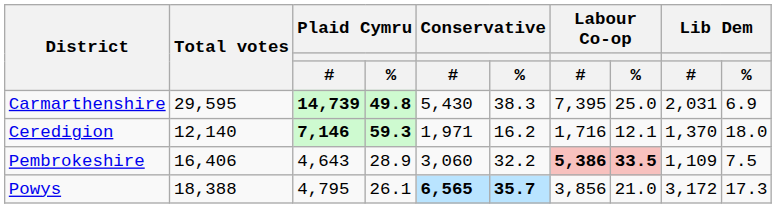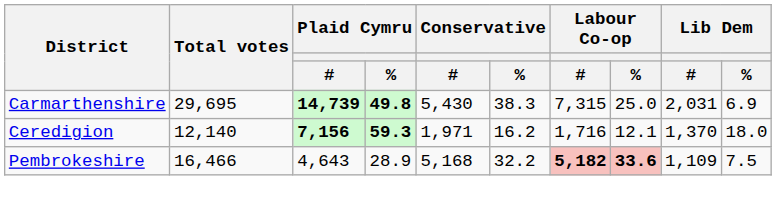 <table class="wikitable sortable">
 <tr>
 <th rowspan=3>District</th>
 <th rowspan=3>Total votes</th>
 <th colspan="2">Plaid Cymru</th>
 <th colspan="2">Conservative</th>
 <th colspan="2">Labour<br>Co-op</th>
 <th colspan="2">Lib Dem</th>
 </tr>
 <tr>
 <th colspan="2" style="background:"></th>
 <th colspan="2" style="background:"></th>
 <th colspan="2" style="background:"></th>
 <th colspan="2" style="background:"></th>
 </tr>
 <tr>
 <th>#</th>
 <th>%</th>
 <th>#</th>
 <th>%</th>
 <th>#</th>
 <th>%</th>
 <th>#</th>
 <th>%</th>
 </tr>
 <tr>
 <td><a href='#'>Carmarthenshire</a></td>
-<td>29,595</td>
+<td>29,695</td>
 <td style="background:#cefad0;"><strong>14,739</strong></td>
 <td style="background:#cefad0;"><strong>49.8</strong></td>
 <td>5,430</td>
 <td>38.3</td>
-<td>7,395</td>
+<td>7,315</td>
 <td>25.0</td>
 <td>2,031</td>
 <td>6.9</td>
 </tr>
 <tr>
 <td><a href='#'>Ceredigion</a></td>
 <td>12,140</td>
-<td style="background:#cefad0;"><strong>7,146</strong></td>
+<td style="background:#cefad0;"><strong>7,156</strong></td>
 <td style="background:#cefad0;"><strong>59.3</strong></td>
 <td>1,971</td>
 <td>16.2</td>
 <td>1,716</td>
 <td>12.1</td>
 <td>1,370</td>
 <td>18.0</td>
 </tr>
 <tr>
 <td><a href='#'>Pembrokeshire</a></td>
-<td>16,406</td>
+<td>16,466</td>
 <td>4,643</td>
 <td>28.9</td>
-<td>3,060</td>
+<td>5,168</td>
 <td>32.2</td>
-<td style="background:#F8C1BE;"><strong>5,386</strong></td>
-<td style="background:#F8C1BE;"><strong>33.5</strong></td>
+<td style="background:#F8C1BE;"><strong>5,182</strong></td>
+<td style="background:#F8C1BE;"><strong>33.6</strong></td>
 <td>1,109</td>
 <td>7.5</td>
 </tr>
-<tr>
-<td><a href='#'>Powys</a></td>
-<td>18,388</td>
-<td>4,795</td>
-<td>26.1</td>
-<td style="background:#B9E4FF;"><strong>6,565</strong></td>
-<td style="background:#B9E4FF;"><strong>35.7</strong></td>
-<td>3,856</td>
-<td>21.0</td>
-<td>3,172</td>
-<td>17.3</td>
-</tr>
 </table>
